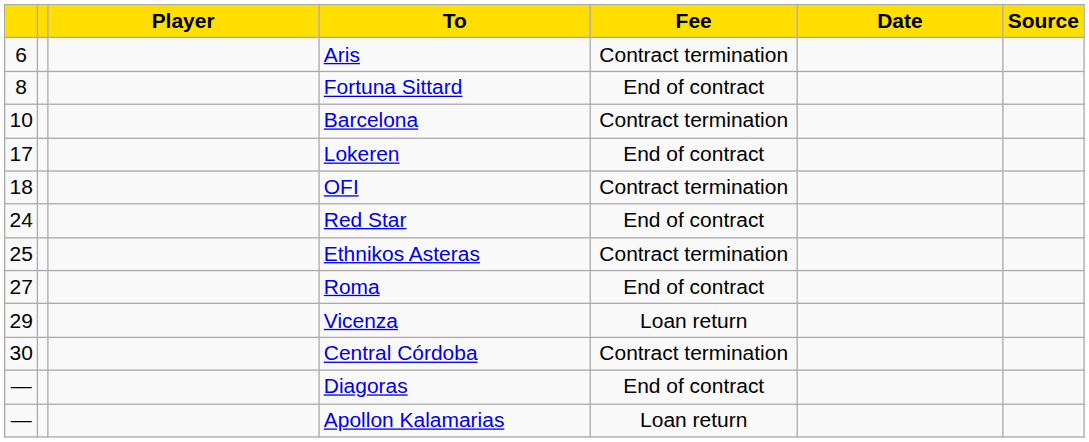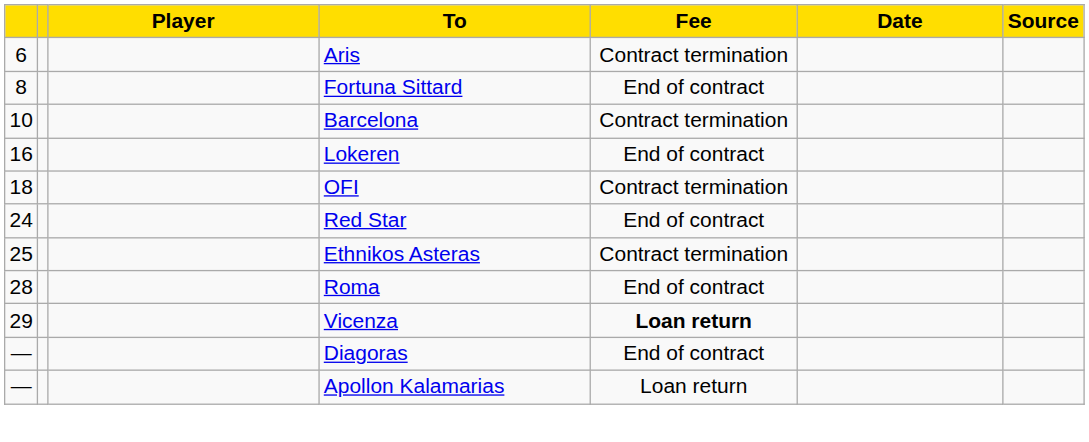 <table class="wikitable sortable">
 <tr>
 <th style="background:#FFDE00"></th>
 <th style="background:#FFDE00"></th>
 <th width=200 style="background:#FFDE00">Player</th>
 <th width=200 style="background:#FFDE00">To</th>
 <th width=150 style="background:#FFDE00">Fee</th>
 <th width=150 style="background:#FFDE00">Date</th>
 <th style="background:#FFDE00">Source</th>
 </tr>
 <tr>
 <td align=center>6</td>
 <td align=center></td>
 <td></td>
 <td> <a href='#'>Aris</a></td>
 <td align=center>Contract termination</td>
 <td align=center></td>
 <td align=center></td>
 </tr>
 <tr>
 <td align=center>8</td>
 <td align=center></td>
 <td></td>
 <td> <a href='#'>Fortuna Sittard</a></td>
 <td align=center>End of contract</td>
 <td align=center></td>
 <td align=center></td>
 </tr>
 <tr>
 <td align=center>10</td>
 <td align=center></td>
 <td></td>
 <td> <a href='#'>Barcelona</a></td>
 <td align=center>Contract termination</td>
 <td align=center></td>
 <td align=center></td>
 </tr>
 <tr>
-<td align=center>17</td>
+<td align=center>16</td>
 <td align=center></td>
 <td></td>
 <td> <a href='#'>Lokeren</a></td>
 <td align=center>End of contract</td>
 <td align=center></td>
 <td align=center></td>
 </tr>
 <tr>
 <td align=center>18</td>
 <td align=center></td>
 <td></td>
 <td> <a href='#'>OFI</a></td>
 <td align=center>Contract termination</td>
 <td align=center></td>
 <td align=center></td>
 </tr>
 <tr>
 <td align=center>24</td>
 <td align=center></td>
 <td></td>
 <td> <a href='#'>Red Star</a></td>
 <td align=center>End of contract</td>
 <td align=center></td>
 <td align=center></td>
 </tr>
 <tr>
 <td align=center>25</td>
 <td align=center></td>
 <td></td>
 <td> <a href='#'>Ethnikos Asteras</a></td>
 <td align=center>Contract termination</td>
 <td align=center></td>
 <td align=center></td>
 </tr>
 <tr>
-<td align=center>27</td>
+<td align=center>28</td>
 <td align=center></td>
 <td></td>
 <td> <a href='#'>Roma</a></td>
 <td align=center>End of contract</td>
 <td align=center></td>
 <td align=center></td>
 </tr>
 <tr>
 <td align=center>29</td>
 <td align=center></td>
 <td></td>
 <td> <a href='#'>Vicenza</a></td>
-<td align=center>Loan return</td>
-<td align=center></td>
-<td align=center></td>
-</tr>
-<tr>
-<td align=center>30</td>
-<td align=center></td>
-<td></td>
-<td> <a href='#'>Central Córdoba</a></td>
-<td align=center>Contract termination</td>
+<td align=center><strong>Loan return</strong></td>
 <td align=center></td>
 <td align=center></td>
 </tr>
 <tr>
 <td align=center>—</td>
 <td align=center></td>
 <td></td>
 <td> <a href='#'>Diagoras</a></td>
 <td align=center>End of contract</td>
 <td align=center></td>
 <td align=center></td>
 </tr>
 <tr>
 <td align=center>—</td>
 <td align=center></td>
 <td></td>
 <td> <a href='#'>Apollon Kalamarias</a></td>
 <td align=center>Loan return</td>
 <td align=center></td>
 <td align=center></td>
 </tr>
 </table>
